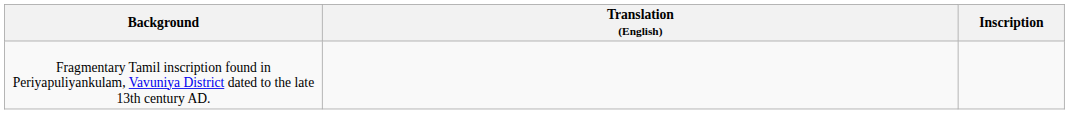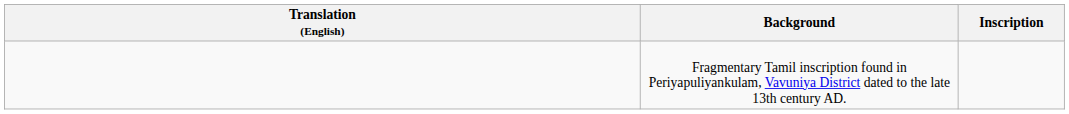 <table class="wikitable centre">
 <tr>
+<th>Translation<br><small>(English)</small></th>
 <th scope="col" align=left>Background<br></th>
-<th>Translation<br><small>(English)</small></th>
 <th>Inscription<br></th>
 </tr>
 <tr>
+<td align=left><br></td>
 <td align=center width="30%"><br>Fragmentary Tamil inscription found in Periyapuliyankulam, <a href='#'>Vavuniya District</a> dated to the late 13th century AD.</td>
-<td align=left><br></td>
 <td align=center width="10%"><br></td>
 </tr>
 </table>
